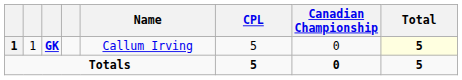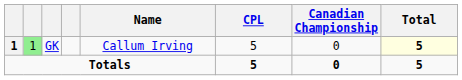 <table class="wikitable" style="text-align:center">
 <tr>
 <th width=15></th>
 <th width=15></th>
 <th width=15></th>
 <th width=15></th>
 <th width=145>Name</th>
 <th width=80><strong><a href='#'>CPL</a></strong></th>
 <th width=80><strong><a href='#'>Canadian Championship</a></strong></th>
 <th width=80>Total</th>
 </tr>
 <tr>
 <th>1</th>
-<td align=center>1</td>
-<td><strong><a href='#'>GK</a></strong></td>
+<td align=center style="background: lightgreen;">1</td>
+<td><a href='#'>GK</a></td>
 <td></td>
 <td><a href='#'>Callum Irving</a></td>
 <td>5</td>
 <td>0</td>
 <td style="background: lightyellow;"><strong>5</strong></td>
 </tr>
 <tr>
 <td colspan="5"><strong>Totals</strong></td>
 <td><strong>5</strong></td>
 <td><strong>0</strong></td>
 <td><strong>5</strong></td>
 </tr>
 </table>
